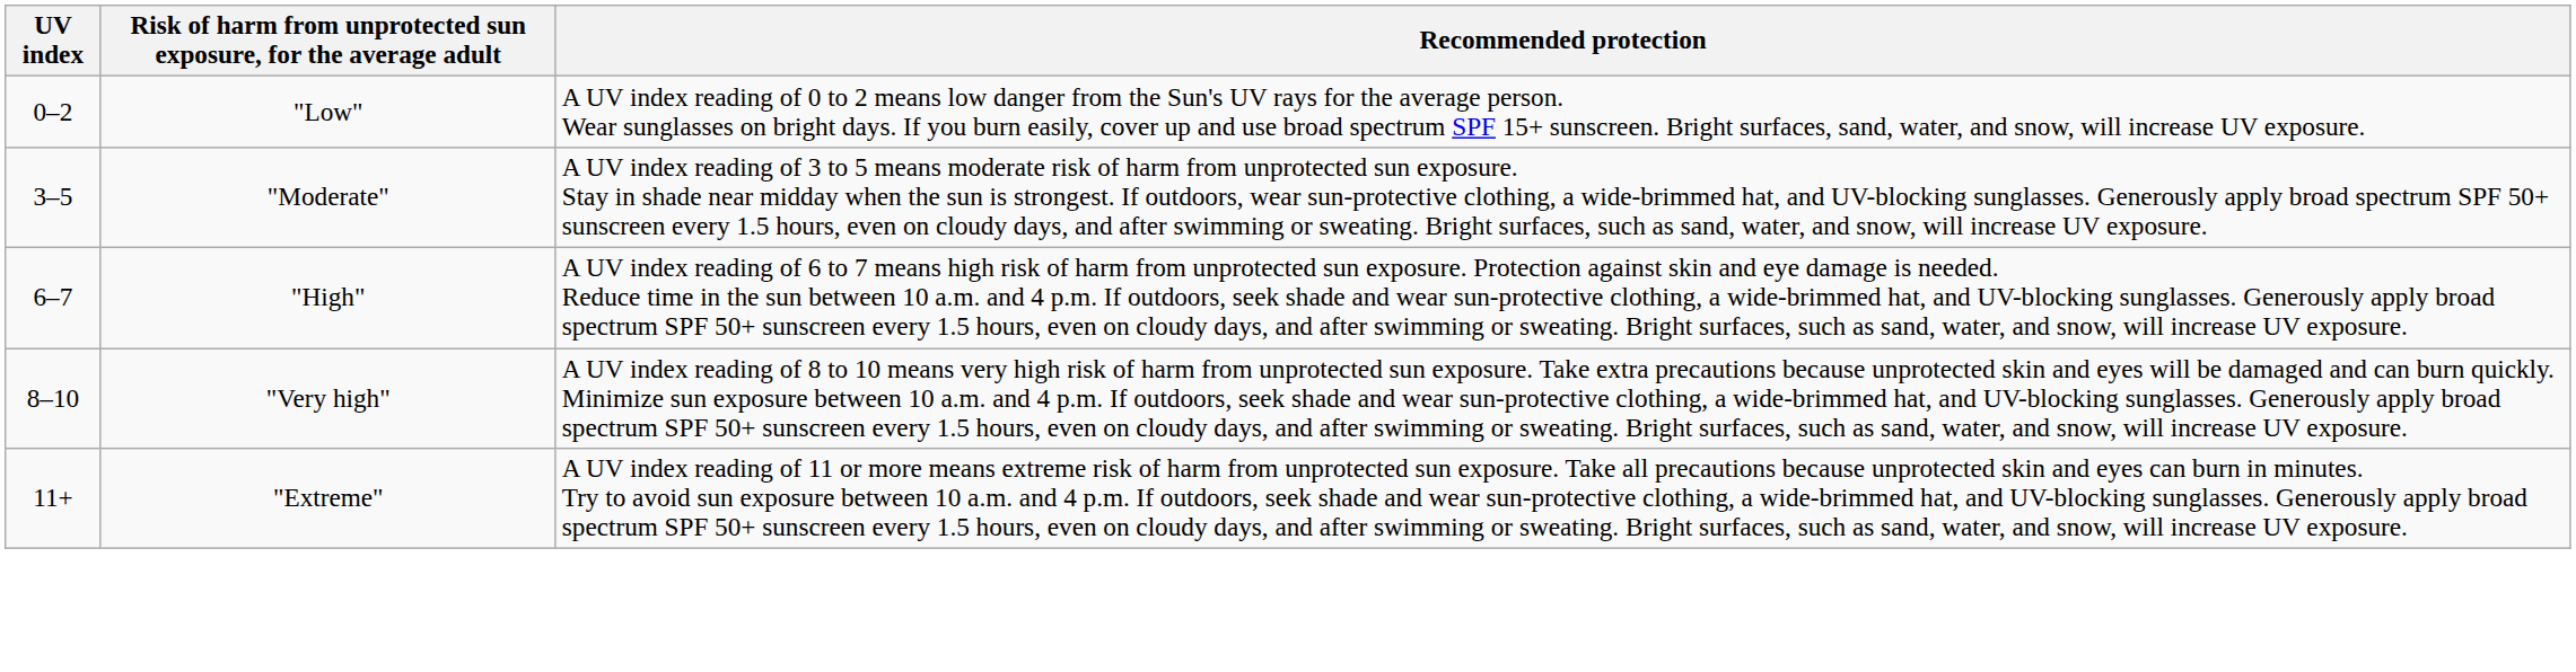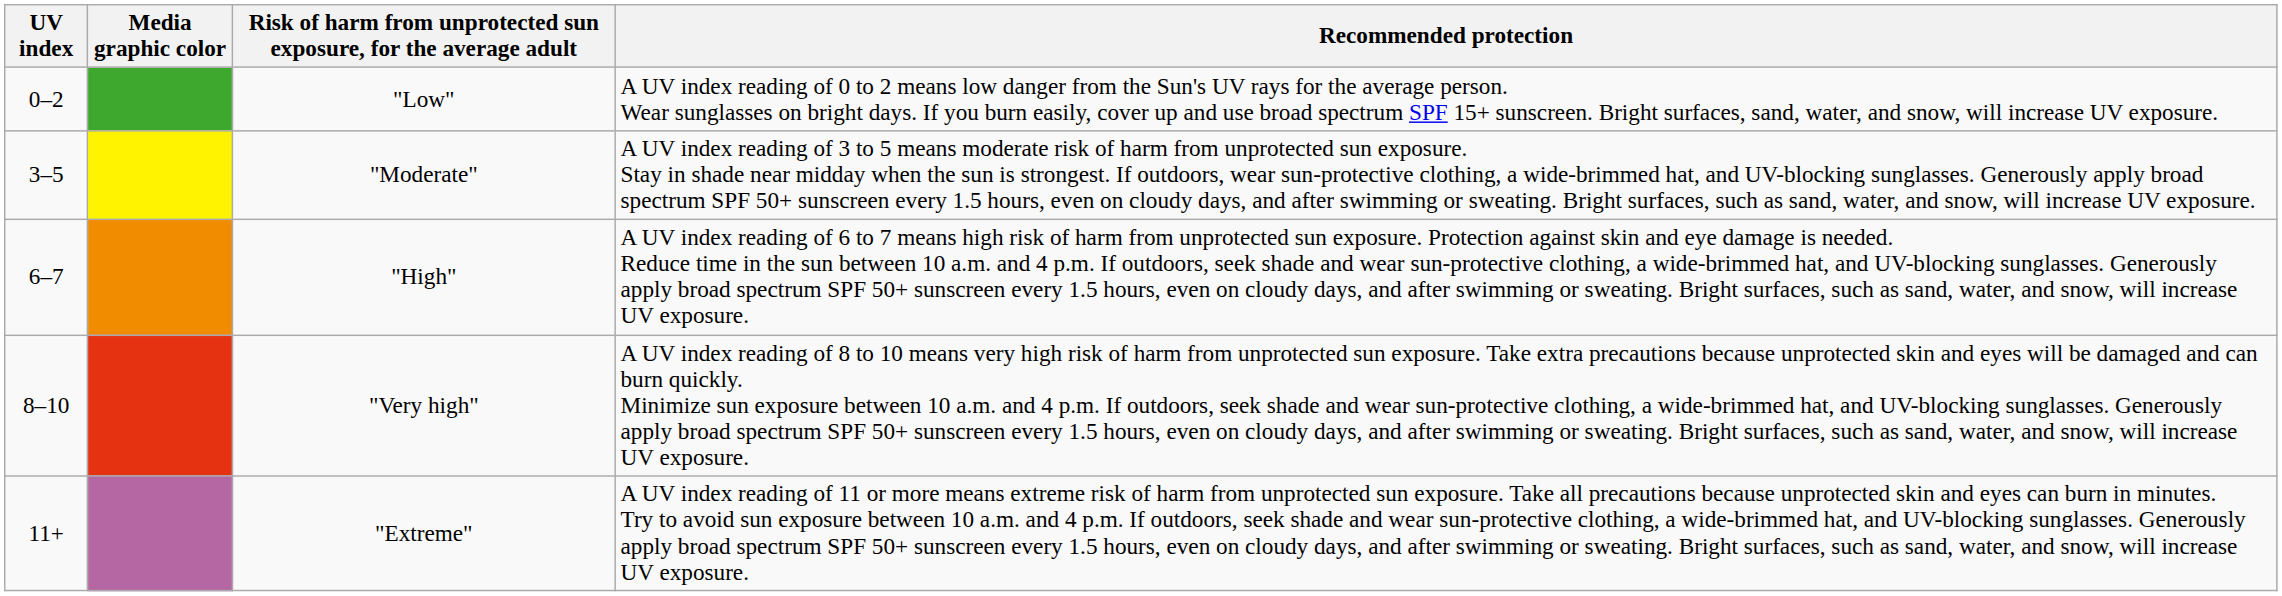 <table class="wikitable">
 <tr>
 <th>UV index</th>
+<th>Media graphic color</th>
 <th>Risk of harm from unprotected sun exposure, for the average adult</th>
 <th>Recommended protection</th>
 </tr>
 <tr>
 <td align="center">0–2</td>
+<td align="center" bgcolor="#3EA72D"></td>
 <td align="center">"Low"</td>
 <td>A UV index reading of 0 to 2 means low danger from the Sun's UV rays for the average person.<br>Wear sunglasses on bright days. If you burn easily, cover up and use broad spectrum <a href='#'>SPF</a> 15+ sunscreen. Bright surfaces, sand, water, and snow, will increase UV exposure.</td>
 </tr>
 <tr>
 <td align="center">3–5</td>
+<td align="center" bgcolor="#FFF300"></td>
 <td align="center">"Moderate"</td>
 <td>A UV index reading of 3 to 5 means moderate risk of harm from unprotected sun exposure.<br>Stay in shade near midday when the sun is strongest. If outdoors, wear sun-protective clothing, a wide-brimmed hat, and UV-blocking sunglasses. Generously apply broad spectrum SPF 50+ sunscreen every 1.5 hours, even on cloudy days, and after swimming or sweating.  Bright surfaces, such as sand, water, and snow, will increase UV exposure.</td>
 </tr>
 <tr>
 <td align="center">6–7</td>
+<td align="center" bgcolor="#F18B00"></td>
 <td align="center">"High"</td>
 <td>A UV index reading of 6 to 7 means high risk of harm from unprotected sun exposure. Protection against skin and eye damage is needed.<br>Reduce time in the sun between 10 a.m. and 4 p.m. If outdoors, seek shade and wear sun-protective clothing, a wide-brimmed hat, and UV-blocking sunglasses. Generously apply broad spectrum SPF 50+ sunscreen every 1.5 hours, even on cloudy days, and after swimming or sweating.  Bright surfaces, such as sand, water, and snow, will increase UV exposure.</td>
 </tr>
 <tr>
 <td align="center">8–10</td>
+<td align="center" bgcolor="#E53210"></td>
 <td align="center">"Very high"</td>
 <td>A UV index reading of 8 to 10 means very high risk of harm from unprotected sun exposure. Take extra precautions because unprotected skin and eyes will be damaged and can burn quickly.<br>Minimize sun exposure between 10 a.m. and 4 p.m. If outdoors, seek shade and wear sun-protective clothing, a wide-brimmed hat, and UV-blocking sunglasses. Generously apply broad spectrum SPF 50+ sunscreen every 1.5 hours, even on cloudy days, and after swimming or sweating.  Bright surfaces, such as sand, water, and snow, will increase UV exposure.</td>
 </tr>
 <tr>
 <td align="center">11+</td>
+<td align="center" bgcolor="#B567A4"></td>
 <td align="center">"Extreme"</td>
 <td>A UV index reading of 11 or more means extreme risk of harm from unprotected sun exposure. Take all precautions because unprotected skin and eyes can burn in minutes.<br>Try to avoid sun exposure between 10 a.m. and 4 p.m. If outdoors, seek shade and wear sun-protective clothing, a wide-brimmed hat, and UV-blocking sunglasses. Generously apply broad spectrum SPF 50+ sunscreen every 1.5 hours, even on cloudy days, and after swimming or sweating. Bright surfaces, such as sand, water, and snow, will increase UV exposure.</td>
 </tr>
 </table>
